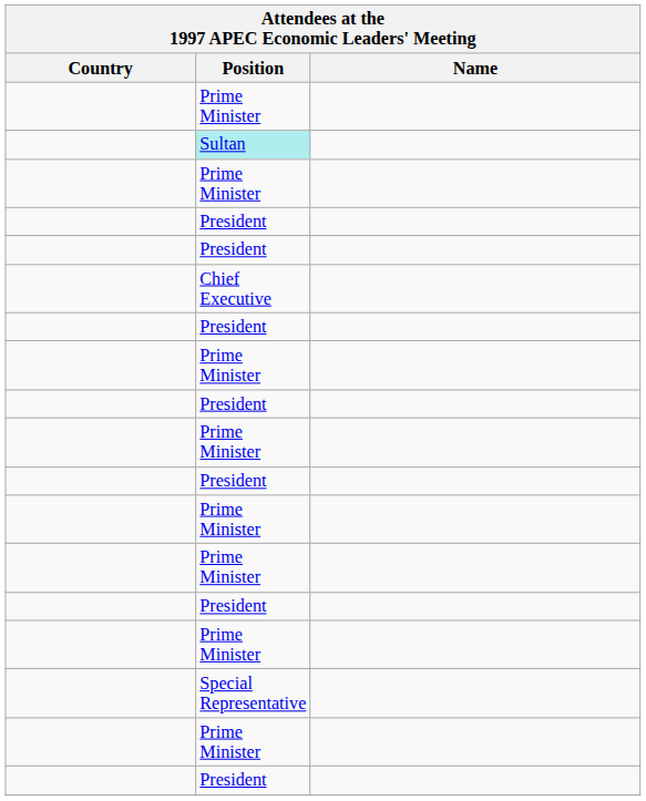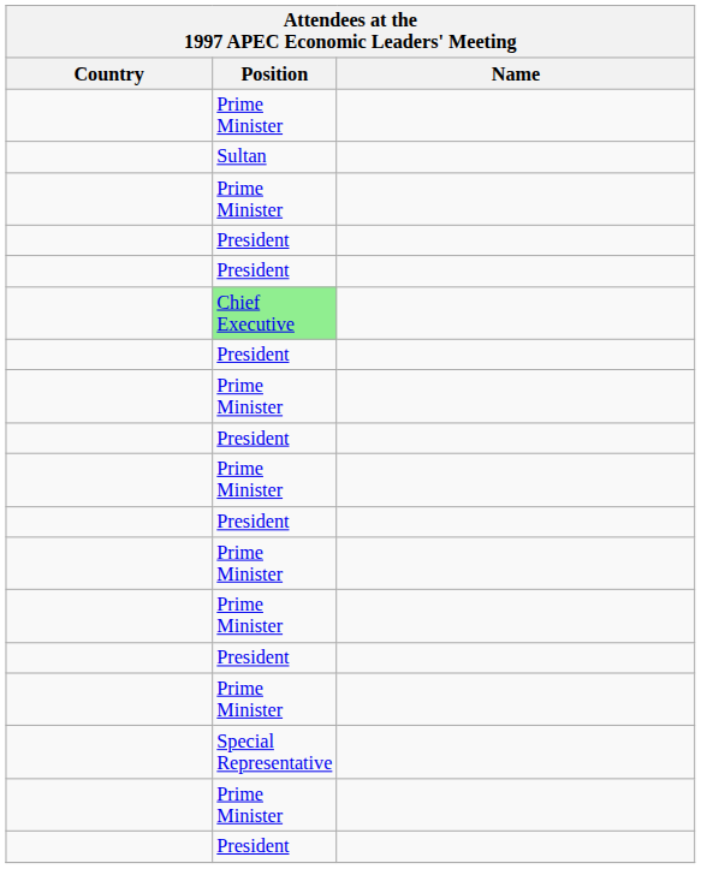 <table class="wikitable collapsible sortable collapsed" style="margin:1em auto; width:45%;">
 <tr>
 <th colspan=4>Attendees at the<br> 1997 APEC Economic Leaders' Meeting</th>
 </tr>
 <tr>
 <th width=30%>Country</th>
 <th width=10%>Position</th>
 <th>Name</th>
 </tr>
 <tr>
 <td></td>
 <td><a href='#'>Prime Minister</a></td>
 <td></td>
 </tr>
 <tr>
 <td></td>
-<td style="background: paleturquoise;"><a href='#'>Sultan</a></td>
+<td><a href='#'>Sultan</a></td>
 <td></td>
 </tr>
 <tr>
 <td></td>
 <td><a href='#'>Prime Minister</a></td>
 <td></td>
 </tr>
 <tr>
 <td></td>
 <td><a href='#'>President</a></td>
 <td></td>
 </tr>
 <tr>
 <td></td>
 <td><a href='#'>President</a></td>
 <td></td>
 </tr>
 <tr>
 <td></td>
-<td><a href='#'>Chief Executive</a></td>
+<td style="background: lightgreen;"><a href='#'>Chief Executive</a></td>
 <td></td>
 </tr>
 <tr>
 <td></td>
 <td><a href='#'>President</a></td>
 <td></td>
 </tr>
 <tr>
 <td></td>
 <td><a href='#'>Prime Minister</a></td>
 <td></td>
 </tr>
 <tr>
 <td></td>
 <td><a href='#'>President</a></td>
 <td></td>
 </tr>
 <tr>
 <td></td>
 <td><a href='#'>Prime Minister</a></td>
 <td></td>
 </tr>
 <tr>
 <td></td>
 <td><a href='#'>President</a></td>
 <td></td>
 </tr>
 <tr>
 <td></td>
 <td><a href='#'>Prime Minister</a></td>
 <td></td>
 </tr>
 <tr>
 <td></td>
 <td><a href='#'>Prime Minister</a></td>
 <td></td>
 </tr>
 <tr>
 <td></td>
 <td><a href='#'>President</a></td>
 <td></td>
 </tr>
 <tr>
 <td></td>
 <td><a href='#'>Prime Minister</a></td>
 <td></td>
 </tr>
 <tr>
 <td></td>
 <td><a href='#'>Special Representative</a></td>
 <td></td>
 </tr>
 <tr>
 <td></td>
 <td><a href='#'>Prime Minister</a></td>
 <td></td>
 </tr>
 <tr>
 <td></td>
 <td><a href='#'>President</a></td>
 <td></td>
 </tr>
 <tr>
 </tr>
 </table>
